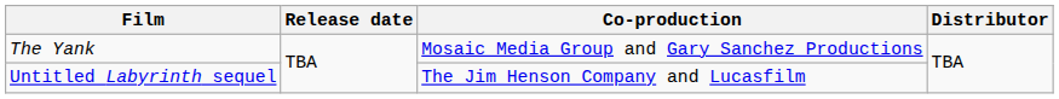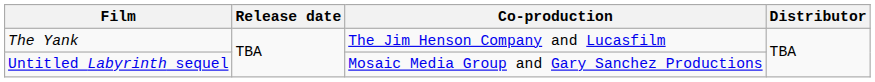 <table class="wikitable">
 <tr>
 <th>Film</th>
 <th>Release date</th>
 <th>Co-production</th>
 <th>Distributor</th>
 </tr>
 <tr>
 <td><em>The Yank</em></td>
 <td rowspan="2">TBA</td>
-<td><a href='#'>Mosaic Media Group</a> and <a href='#'>Gary Sanchez Productions</a></td>
+<td><a href='#'>The Jim Henson Company</a> and <a href='#'>Lucasfilm</a></td>
 <td rowspan="2">TBA</td>
 </tr>
 <tr>
 <td><a href='#'>Untitled <em>Labyrinth</em> sequel</a></td>
-<td><a href='#'>The Jim Henson Company</a> and <a href='#'>Lucasfilm</a></td>
+<td><a href='#'>Mosaic Media Group</a> and <a href='#'>Gary Sanchez Productions</a></td>
 </tr>
 </table>
